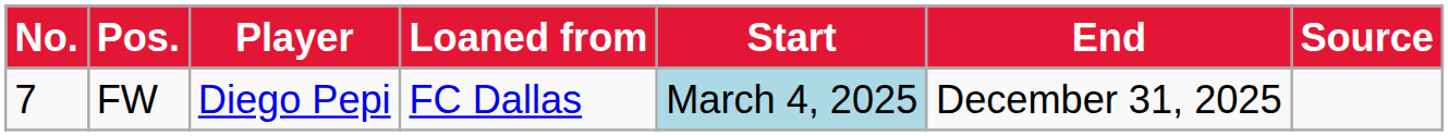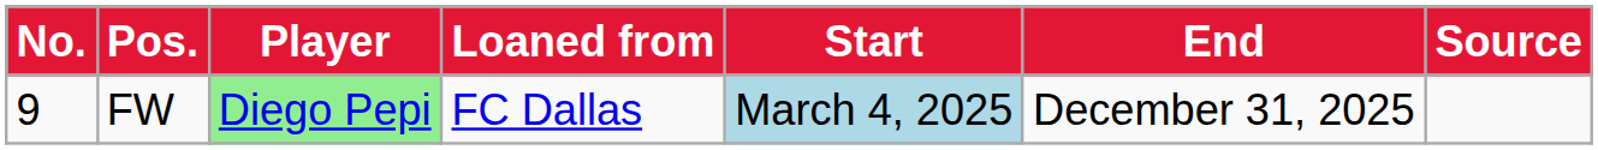 <table class="wikitable sortable" style="text-align:center; font-size:95%; text-align:left;">
 <tr>
 <th style="background:#E31735; color:#FFFFFF;">No.</th>
 <th style="background:#E31735; color:#FFFFFF;">Pos.</th>
 <th style="background:#E31735; color:#FFFFFF;">Player</th>
 <th style="background:#E31735; color:#FFFFFF;">Loaned from</th>
 <th style="background:#E31735; color:#FFFFFF;">Start</th>
 <th style="background:#E31735; color:#FFFFFF;">End</th>
 <th style="background:#E31735; color:#FFFFFF;">Source</th>
 </tr>
 <tr>
-<td>7</td>
+<td>9</td>
 <td>FW</td>
-<td align="left"> <a href='#'>Diego Pepi</a></td>
+<td align="left" style="background: lightgreen;"> <a href='#'>Diego Pepi</a></td>
 <td align="left"> <a href='#'>FC Dallas</a></td>
 <td style="background: lightblue;">March 4, 2025</td>
 <td>December 31, 2025</td>
 <td></td>
 </tr>
 </table>
